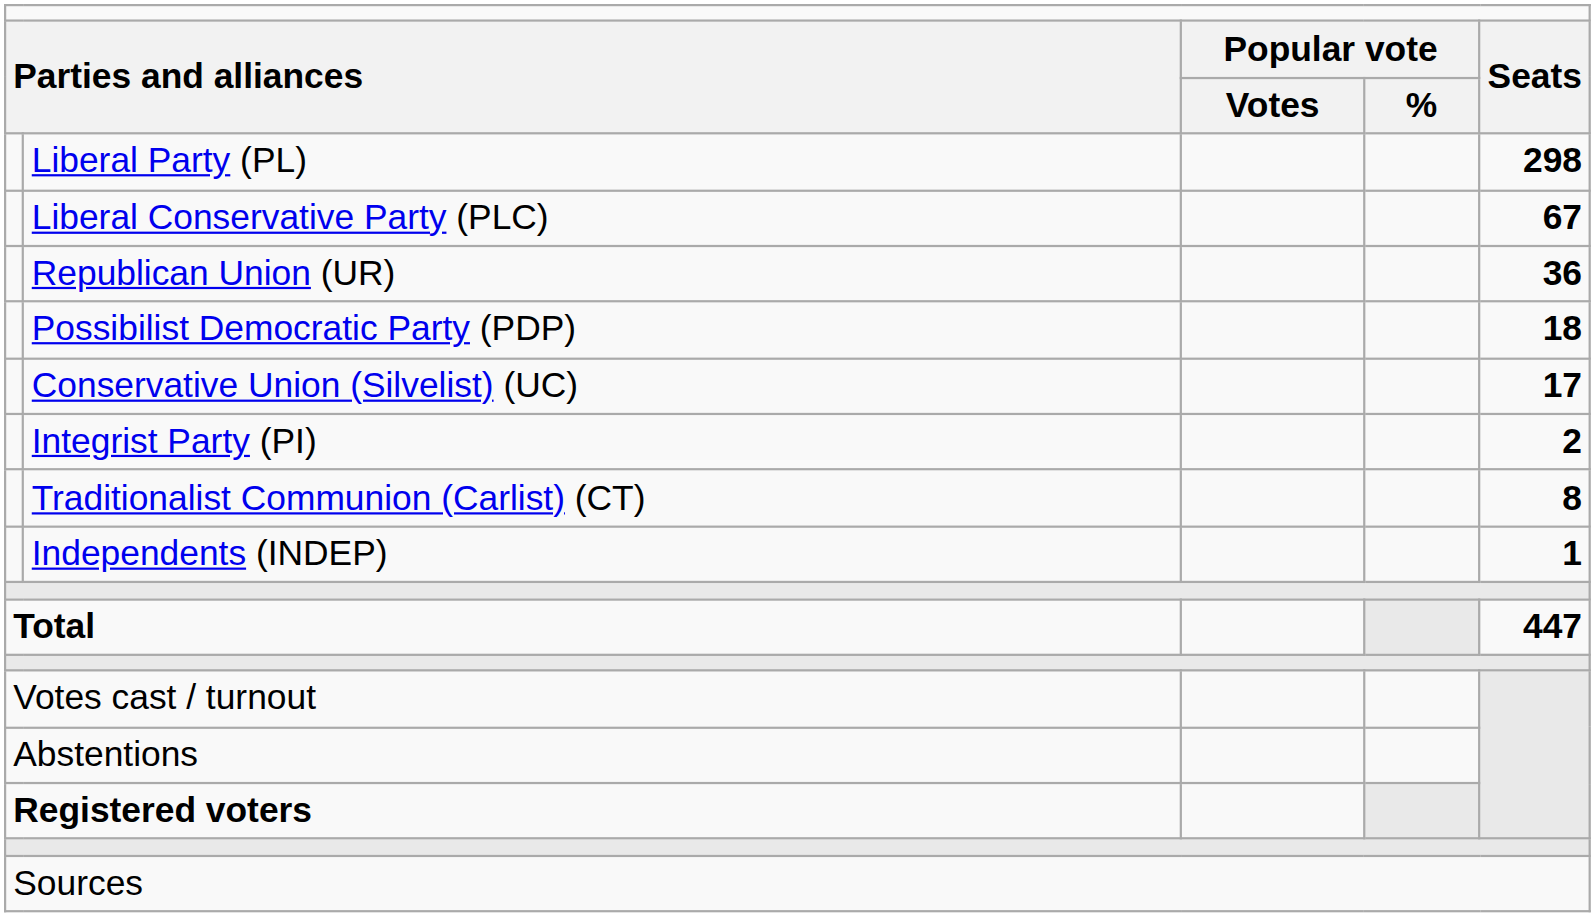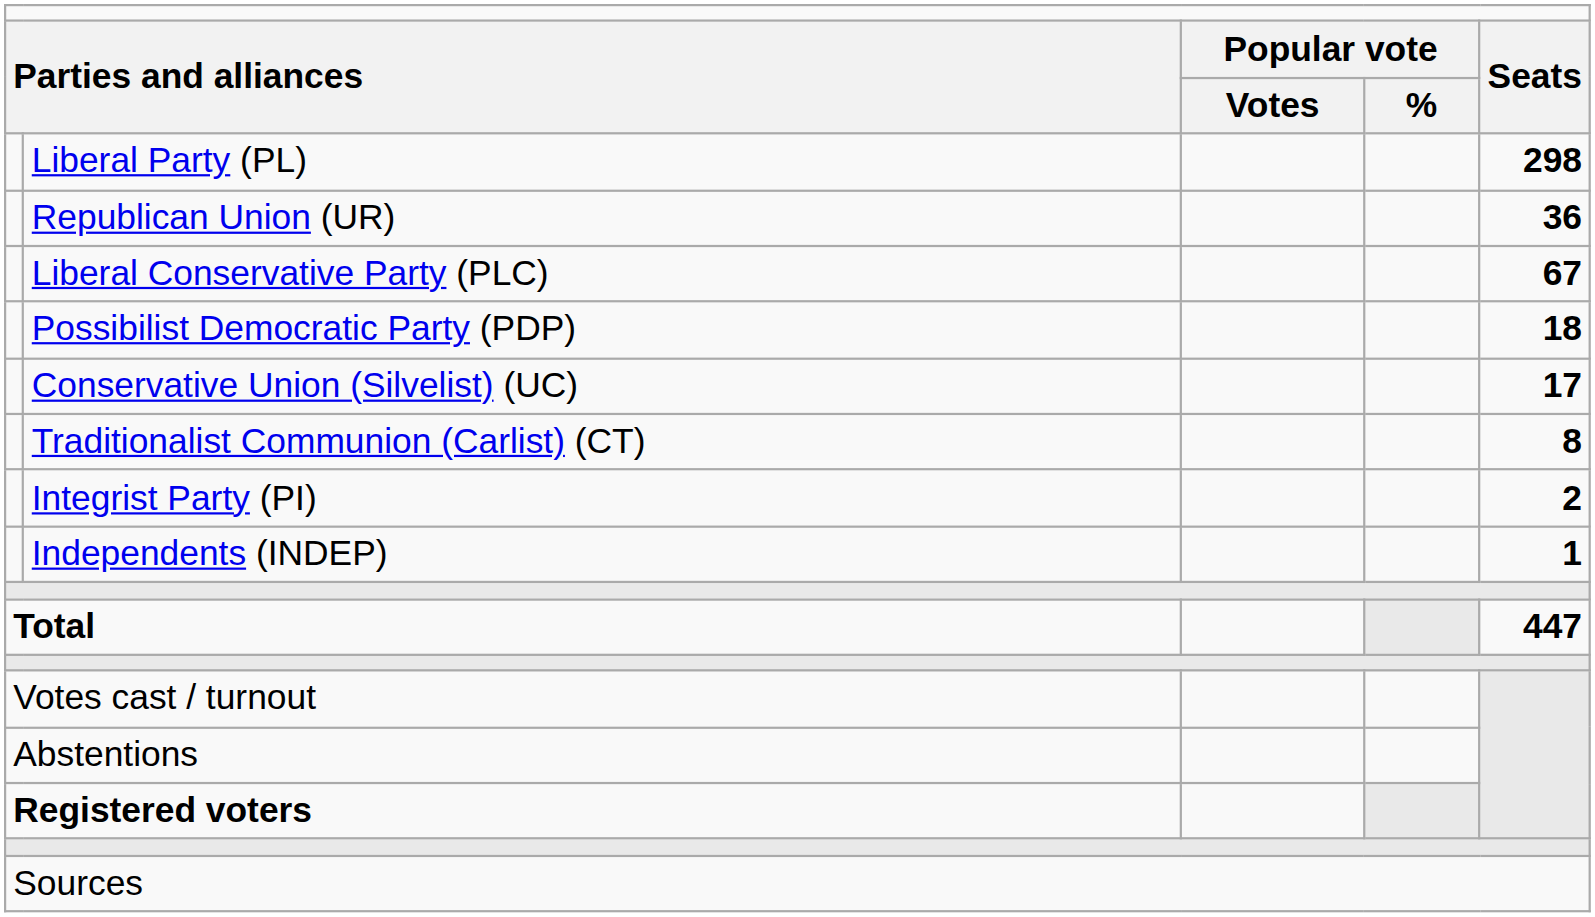 <table class="wikitable" style="text-align:right;">
 <tr>
 <td colspan="5"></td>
 </tr>
 <tr>
 <th style="text-align:left;" rowspan="2" colspan="2" width="525">Parties and alliances</th>
 <th colspan="2">Popular vote</th>
 <th rowspan="2" width="35">Seats</th>
 </tr>
 <tr>
 <th width="75">Votes</th>
 <th width="45">%</th>
 </tr>
 <tr>
 <td width="1" style="color:inherit;background:"></td>
 <td align="left"><a href='#'>Liberal Party</a> (PL)</td>
 <td></td>
 <td></td>
 <td><strong>298</strong></td>
 </tr>
 <tr>
 <td style="color:inherit;background:"></td>
+<td align="left"><a href='#'>Republican Union</a> (UR)</td>
+<td></td>
+<td></td>
+<td><strong>36</strong></td>
+</tr>
+<tr>
+<td style="color:inherit;background:"></td>
 <td align="left"><a href='#'>Liberal Conservative Party</a> (PLC)</td>
 <td></td>
 <td></td>
 <td><strong>67</strong></td>
-</tr>
-<tr>
-<td style="color:inherit;background:"></td>
-<td align="left"><a href='#'>Republican Union</a> (UR)</td>
-<td></td>
-<td></td>
-<td><strong>36</strong></td>
 </tr>
 <tr>
 <td style="color:inherit;background:"></td>
 <td align="left"><a href='#'>Possibilist Democratic Party</a> (PDP)</td>
 <td></td>
 <td></td>
 <td><strong>18</strong></td>
 </tr>
 <tr>
 <td style="color:inherit;background:"></td>
 <td align="left"><a href='#'>Conservative Union (Silvelist)</a> (UC)</td>
 <td></td>
 <td></td>
 <td><strong>17</strong></td>
 </tr>
 <tr>
 <td style="color:inherit;background:"></td>
+<td align="left"><a href='#'>Traditionalist Communion (Carlist)</a> (CT)</td>
+<td></td>
+<td></td>
+<td><strong>8</strong></td>
+</tr>
+<tr>
+<td style="color:inherit;background:"></td>
 <td align="left"><a href='#'>Integrist Party</a> (PI)</td>
 <td></td>
 <td></td>
 <td><strong>2</strong></td>
-</tr>
-<tr>
-<td style="color:inherit;background:"></td>
-<td align="left"><a href='#'>Traditionalist Communion (Carlist)</a> (CT)</td>
-<td></td>
-<td></td>
-<td><strong>8</strong></td>
 </tr>
 <tr>
 <td style="color:inherit;background:"></td>
 <td align="left"><a href='#'>Independents</a> (INDEP)</td>
 <td></td>
 <td></td>
 <td><strong>1</strong></td>
 </tr>
 <tr>
 <td colspan="5" bgcolor="#E9E9E9"></td>
 </tr>
 <tr style="font-weight:bold;">
 <td align="left" colspan="2">Total</td>
 <td></td>
 <td bgcolor="#E9E9E9"></td>
 <td>447</td>
 </tr>
 <tr>
 <td colspan="5" bgcolor="#E9E9E9"></td>
 </tr>
 <tr>
 <td align="left" colspan="2">Votes cast / turnout</td>
 <td></td>
 <td></td>
 <td bgcolor="#E9E9E9" rowspan="3"></td>
 </tr>
 <tr>
 <td align="left" colspan="2">Abstentions</td>
 <td></td>
 <td></td>
 </tr>
 <tr style="font-weight:bold;">
 <td align="left" colspan="2">Registered voters</td>
 <td></td>
 <td bgcolor="#E9E9E9"></td>
 </tr>
 <tr>
 <td colspan="5" bgcolor="#E9E9E9"></td>
 </tr>
 <tr>
 <td align="left" colspan="5">Sources</td>
 </tr>
 </table>
